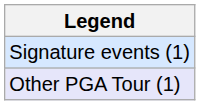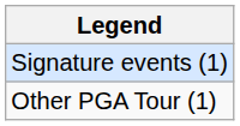 <table class="wikitable" style="font-size:95%;">
 <tr>
 <th>Legend</th>
 </tr>
 <tr style="background:#D6E8FF;">
 <td>Signature events (1)</td>
 </tr>
 <tr>
-<td style="background: lavender;">Other PGA Tour (1)</td>
+<td>Other PGA Tour (1)</td>
 </tr>
 </table>
